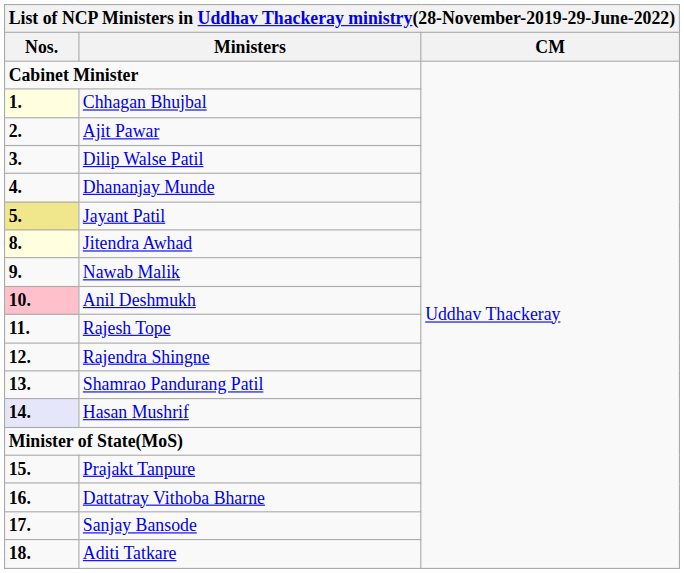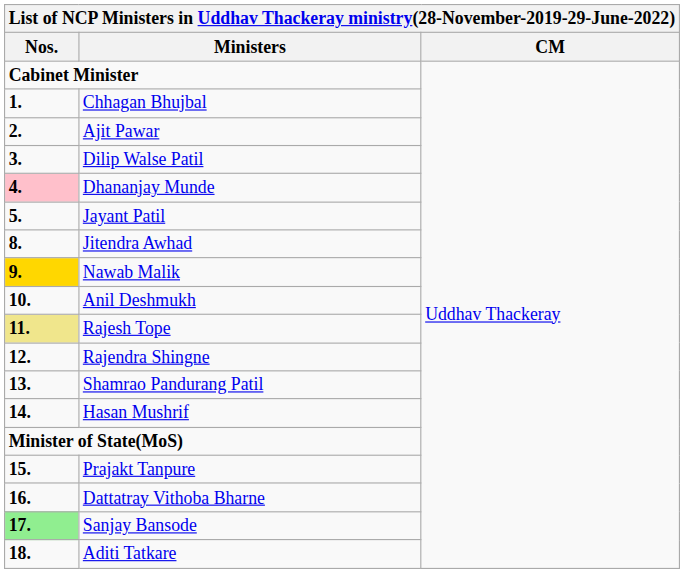 <table class="wikitable">
 <tr>
 <th colspan="3">List of NCP Ministers in <a href='#'>Uddhav Thackeray ministry</a>(28-November-2019-29-June-2022)</th>
 </tr>
 <tr>
 <th>Nos.</th>
 <th>Ministers</th>
 <th>CM</th>
 </tr>
 <tr>
 <td colspan="2"><strong>Cabinet Minister</strong></td>
 <td rowspan="18"><a href='#'>Uddhav Thackeray</a></td>
 </tr>
 <tr>
-<td style="background: lightyellow;"><strong>1.</strong></td>
+<td><strong>1.</strong></td>
 <td><a href='#'>Chhagan Bhujbal</a></td>
 </tr>
 <tr>
 <td><strong>2.</strong></td>
 <td><a href='#'>Ajit Pawar</a></td>
 </tr>
 <tr>
 <td><strong>3.</strong></td>
 <td><a href='#'>Dilip Walse Patil</a></td>
 </tr>
 <tr>
-<td><strong>4.</strong></td>
+<td style="background: pink;"><strong>4.</strong></td>
 <td><a href='#'>Dhananjay Munde</a></td>
 </tr>
 <tr>
-<td style="background: khaki;"><strong>5.</strong></td>
+<td><strong>5.</strong></td>
 <td><a href='#'>Jayant Patil</a></td>
 </tr>
 <tr>
-<td style="background: lightyellow;"><strong>8.</strong></td>
+<td><strong>8.</strong></td>
 <td><a href='#'>Jitendra Awhad</a></td>
 </tr>
 <tr>
-<td><strong>9.</strong></td>
+<td style="background: gold;"><strong>9.</strong></td>
 <td><a href='#'>Nawab Malik</a></td>
 </tr>
 <tr>
-<td style="background: pink;"><strong>10.</strong></td>
+<td><strong>10.</strong></td>
 <td><a href='#'>Anil Deshmukh</a></td>
 </tr>
 <tr>
-<td><strong>11.</strong></td>
+<td style="background: khaki;"><strong>11.</strong></td>
 <td><a href='#'>Rajesh Tope</a></td>
 </tr>
 <tr>
 <td><strong>12.</strong></td>
 <td><a href='#'>Rajendra Shingne</a></td>
 </tr>
 <tr>
 <td><strong>13.</strong></td>
 <td><a href='#'>Shamrao Pandurang Patil</a></td>
 </tr>
 <tr>
-<td style="background: lavender;"><strong>14.</strong></td>
+<td><strong>14.</strong></td>
 <td><a href='#'>Hasan Mushrif</a></td>
 </tr>
 <tr>
 <td colspan="2"><strong>Minister of State(MoS)</strong></td>
 </tr>
 <tr>
 <td><strong>15.</strong></td>
 <td><a href='#'>Prajakt Tanpure</a></td>
 </tr>
 <tr>
 <td><strong>16.</strong></td>
 <td><a href='#'>Dattatray Vithoba Bharne</a></td>
 </tr>
 <tr>
-<td><strong>17.</strong></td>
+<td style="background: lightgreen;"><strong>17.</strong></td>
 <td><a href='#'>Sanjay Bansode</a></td>
 </tr>
 <tr>
 <td><strong>18.</strong></td>
 <td><a href='#'>Aditi Tatkare</a></td>
 </tr>
 </table>
